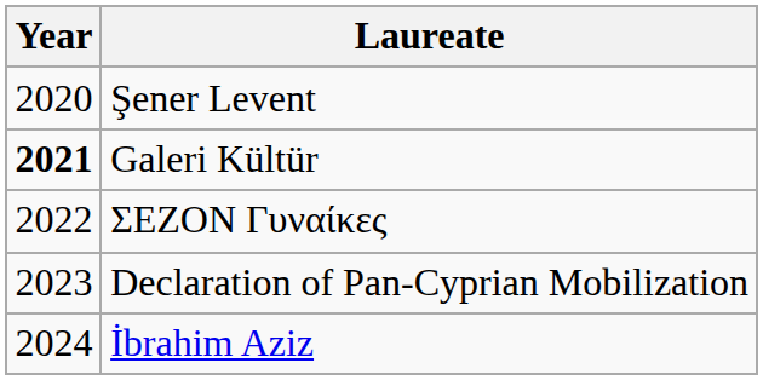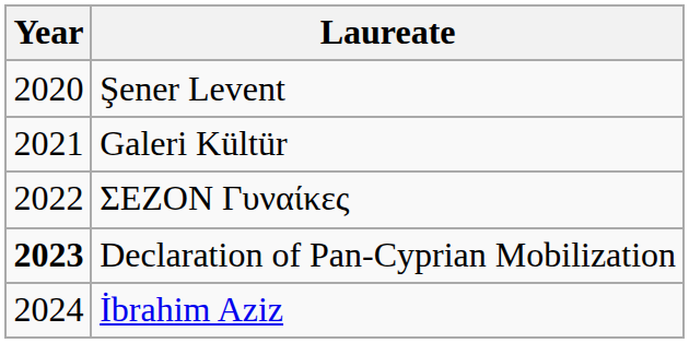 <table class="wikitable" width="auto" style="text-align: center">
 <tr>
 </tr>
 <tr style="background:#efefef;">
 <th>Year</th>
 <th>Laureate</th>
 </tr>
 <tr>
 <td style="text-align:left;">2020</td>
 <td style="text-align:left;">Şener Levent</td>
 </tr>
 <tr>
-<td style="text-align:left;"><strong>2021</strong></td>
+<td style="text-align:left;">2021</td>
 <td style="text-align:left;">Galeri Kültür</td>
 </tr>
 <tr>
 <td style="text-align:left;">2022</td>
 <td style="text-align:left;">ΣΕΖΟΝ Γυναίκες</td>
 </tr>
 <tr>
-<td style="text-align:left;">2023</td>
+<td style="text-align:left;"><strong>2023</strong></td>
 <td style="text-align:left;">Declaration of Pan-Cyprian Mobilization</td>
 </tr>
 <tr>
 <td style="text-align:left;">2024</td>
 <td style="text-align:left;"><a href='#'>İbrahim Aziz</a></td>
 </tr>
 </table>
